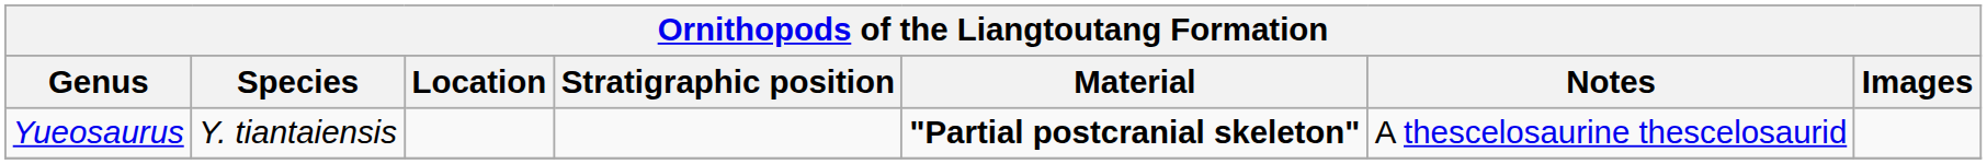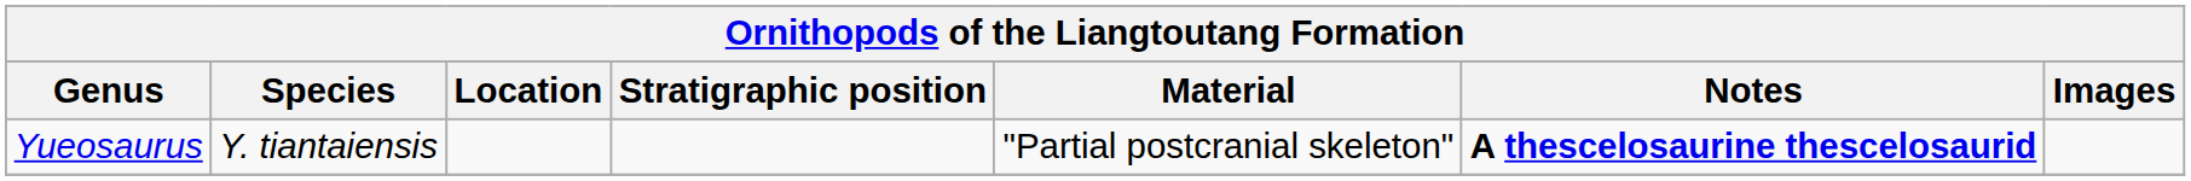 <table class="wikitable" align="center">
 <tr>
 <th colspan="7" align="center"><a href='#'>Ornithopods</a> of the Liangtoutang Formation</th>
 </tr>
 <tr>
 <th>Genus</th>
 <th>Species</th>
 <th>Location</th>
 <th>Stratigraphic position</th>
 <th>Material</th>
 <th>Notes</th>
 <th>Images</th>
 </tr>
 <tr>
 <td><em><a href='#'>Yueosaurus</a></em></td>
 <td><em>Y. tiantaiensis</em></td>
 <td></td>
 <td></td>
-<td><strong>"Partial postcranial skeleton"</strong></td>
-<td>A <a href='#'>thescelosaurine thescelosaurid</a></td>
+<td>"Partial postcranial skeleton"</td>
+<td><strong>A <a href='#'>thescelosaurine thescelosaurid</a></strong></td>
 <td></td>
 </tr>
 <tr>
 </tr>
 </table>
